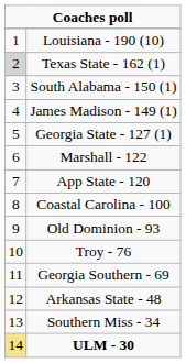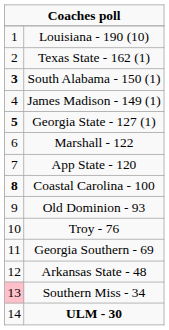 <table class="wikitable" style="display: inline-table;">
 <tr>
 <td align="center" Colspan="3"><strong>Coaches poll</strong></td>
 </tr>
 <tr align="center">
 </tr>
 <tr align="center">
 <td>1</td>
 <td>Louisiana - 190 (10)</td>
 </tr>
 <tr align="center">
-<td style="background: lightgrey;">2</td>
+<td>2</td>
 <td>Texas State - 162 (1)</td>
 </tr>
 <tr align="center">
-<td>3</td>
+<td><strong>3</strong></td>
 <td>South Alabama - 150 (1)</td>
 </tr>
 <tr align="center">
 <td>4</td>
 <td>James Madison - 149 (1)</td>
 </tr>
 <tr align="center">
-<td>5</td>
+<td><strong>5</strong></td>
 <td>Georgia State - 127 (1)</td>
 </tr>
 <tr align="center">
 <td>6</td>
 <td>Marshall - 122</td>
 </tr>
 <tr align="center">
 <td>7</td>
 <td>App State - 120</td>
 </tr>
 <tr align="center">
-<td>8</td>
+<td><strong>8</strong></td>
 <td>Coastal Carolina - 100</td>
 </tr>
 <tr align="center">
 <td>9</td>
 <td>Old Dominion - 93</td>
 </tr>
 <tr align="center">
 <td>10</td>
 <td>Troy - 76</td>
 </tr>
 <tr align="center">
 <td>11</td>
 <td>Georgia Southern - 69</td>
 </tr>
 <tr align="center">
 <td>12</td>
 <td>Arkansas State - 48</td>
 </tr>
 <tr align="center">
-<td>13</td>
+<td style="background: pink;">13</td>
 <td>Southern Miss - 34</td>
 </tr>
 <tr align="center">
-<td style="background: khaki;">14</td>
+<td>14</td>
 <td><strong>ULM - 30</strong></td>
 </tr>
 </table>
